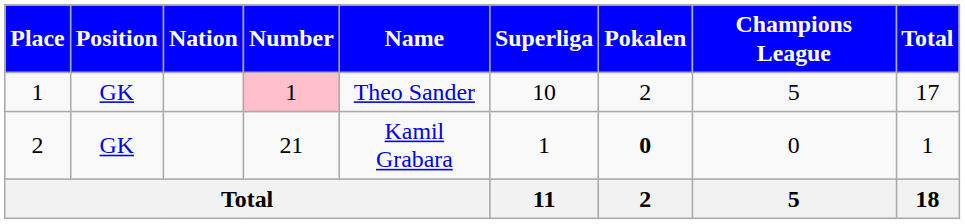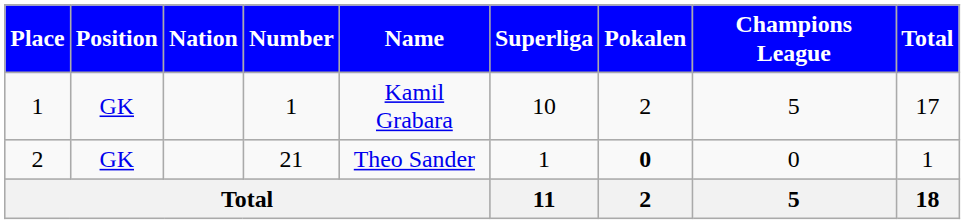 <table class="wikitable" style="font-size: 95%; text-align: center">
 <tr>
 <th style="background:#0000FF; color:white; text-align:center;"!width=80>Place</th>
 <th style="background:#0000FF; color:white; text-align:center;"!width=80>Position</th>
 <th style="background:#0000FF; color:white; text-align:center;"!width=80>Nation</th>
 <th style="background:#0000FF; color:white; text-align:center;"!width=80>Number</th>
 <th style="background:#0000FF; color:white; text-align:center;"!width=150>Name</th>
 <th style="background:#0000FF; color:white; text-align:center;"!width=150>Superliga</th>
 <th style="background:#0000FF; color:white; text-align:center;"!width=150>Pokalen</th>
 <th style="background:#0000FF; color:white; text-align:center;"!width=150>Champions League</th>
 <th style="background:#0000FF; color:white; text-align:center;"!width=80>Total</th>
 </tr>
 <tr>
 <td rowspan=1>1</td>
 <td><a href='#'>GK</a></td>
 <td></td>
-<td style="background: pink;">1</td>
-<td><a href='#'>Theo Sander</a></td>
+<td>1</td>
+<td><a href='#'>Kamil Grabara</a></td>
 <td>10</td>
 <td>2</td>
 <td>5</td>
 <td>17</td>
 </tr>
 <tr>
 <td rowspan=1>2</td>
 <td><a href='#'>GK</a></td>
 <td></td>
 <td>21</td>
-<td><a href='#'>Kamil Grabara</a></td>
+<td><a href='#'>Theo Sander</a></td>
 <td>1</td>
 <td><strong>0</strong></td>
 <td>0</td>
 <td>1</td>
 </tr>
 <tr>
 <th colspan=5>Total</th>
 <th>11</th>
 <th>2</th>
 <th>5</th>
 <th>18</th>
 </tr>
 </table>
